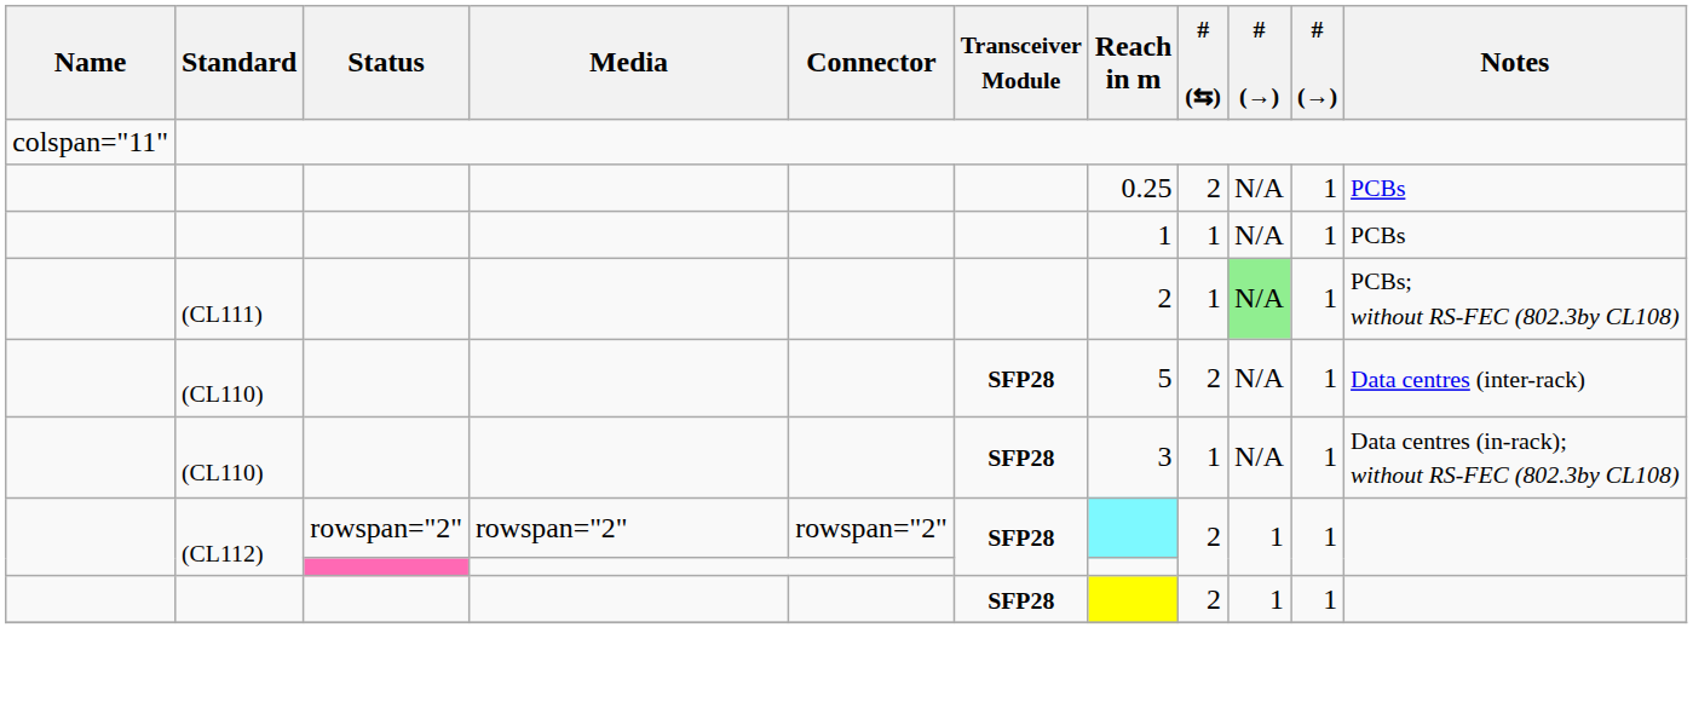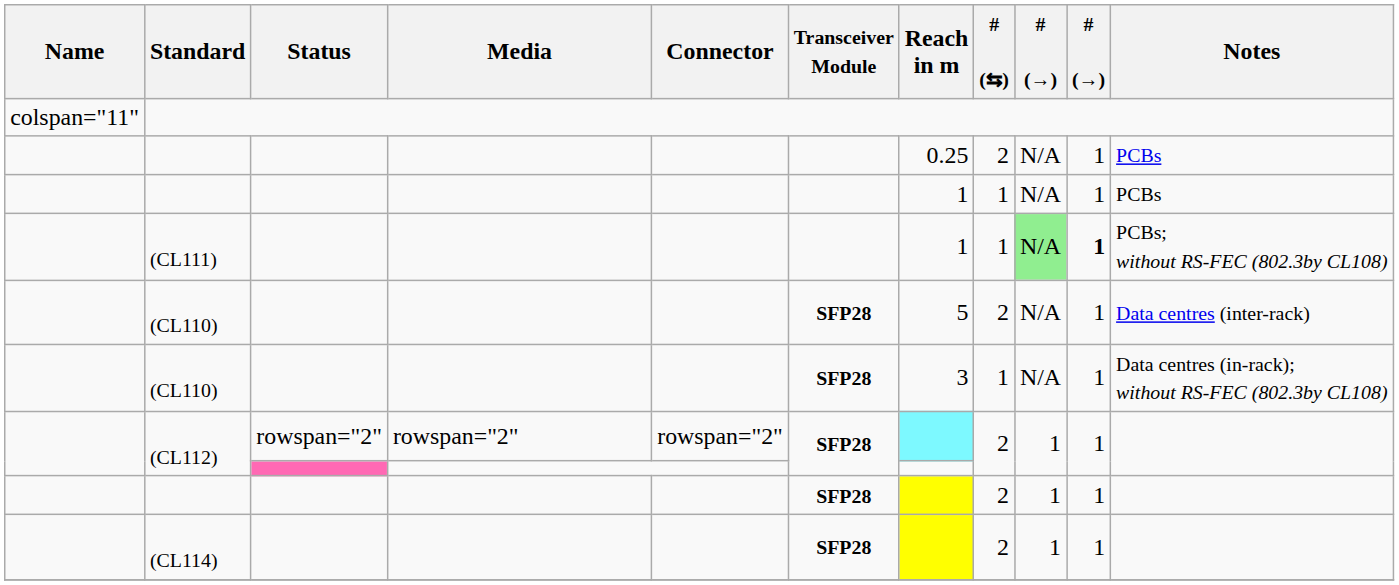 <table class="wikitable" style="line-height:110%;">
 <tr>
 <th>Name</th>
 <th>Standard</th>
 <th>Status</th>
 <th style="width: 170px;">Media</th>
 <th>Connector</th>
 <th><small>Transceiver<br>Module</small></th>
 <th>Reach<br>in m</th>
 <th><small>#<br><br>(⇆)</small></th>
 <th><small>#<br><br>(→)</small></th>
 <th><small>#<br><br>(→)</small></th>
 <th>Notes</th>
 </tr>
 <tr>
 <td>colspan="11"  </td>
 </tr>
 <tr>
 <td></td>
 <td></td>
 <td></td>
 <td></td>
 <td></td>
 <td></td>
 <td style="text-align:right;">0.25</td>
 <td style="text-align:right;">2</td>
 <td style="text-align:right;">N/A</td>
 <td style="text-align:right;">1</td>
 <td><small><a href='#'>PCBs</a></small></td>
 </tr>
 <tr>
 <td></td>
 <td></td>
 <td></td>
 <td></td>
 <td></td>
 <td></td>
 <td style="text-align:right;">1</td>
 <td style="text-align:right;">1</td>
 <td style="text-align:right;">N/A</td>
 <td style="text-align:right;">1</td>
 <td><small>PCBs</small></td>
 </tr>
 <tr>
 <td></td>
 <td><br><small>(CL111)</small></td>
 <td></td>
 <td></td>
 <td></td>
 <td></td>
-<td style="text-align:right;">2</td>
+<td style="text-align:right;">1</td>
 <td style="text-align:right;">1</td>
 <td style="background: lightgreen; text-align:right;">N/A</td>
-<td style="text-align:right;">1</td>
+<td style="text-align:right;"><strong>1</strong></td>
 <td><small>PCBs;<br><em>without RS-FEC (802.3by CL108)</em></small></td>
 </tr>
 <tr>
 <td><br><small></small></td>
 <td><br><small>(CL110)</small></td>
 <td></td>
 <td></td>
 <td></td>
 <td align="center"><small><strong>SFP28</strong></small></td>
 <td style="text-align:right;">5</td>
 <td style="text-align:right;">2</td>
 <td style="text-align:right;">N/A</td>
 <td style="text-align:right;">1</td>
 <td><small><a href='#'>Data centres</a> (inter-rack)</small></td>
 </tr>
 <tr>
 <td><br><small></small></td>
 <td><br><small>(CL110)</small></td>
 <td></td>
 <td></td>
 <td></td>
 <td align="center"><small><strong>SFP28</strong></small></td>
 <td style="text-align:right;">3</td>
 <td style="text-align:right;">1</td>
 <td style="text-align:right;">N/A</td>
 <td style="text-align:right;">1</td>
 <td><small>Data centres (in-rack);<br><em>without RS-FEC (802.3by CL108)</em></small></td>
 </tr>
 <tr>
 <td rowspan="2"></td>
 <td rowspan="2"><br><small>(CL112)</small></td>
 <td>rowspan="2" </td>
 <td>rowspan="2" </td>
 <td>rowspan="2" </td>
 <td rowspan="2" align="center"><small><strong>SFP28</strong></small></td>
 <td style="background-color:#7DF9FF"></td>
 <td rowspan="2" align="right">2</td>
 <td rowspan="2" align="right">1</td>
 <td rowspan="2" align="right">1</td>
 <td rowspan="2"></td>
 </tr>
 <tr>
 <td style="background-color:#FF69B4"></td>
 </tr>
 <tr>
 <td></td>
 <td></td>
 <td></td>
 <td></td>
 <td></td>
 <td align="center"><small><strong>SFP28</strong></small></td>
 <td style="background-color:yellow"></td>
 <td style="text-align:right;">2</td>
 <td style="text-align:right;">1</td>
 <td style="text-align:right;">1</td>
 <td></td>
 </tr>
 <tr>
+<td></td>
+<td><br><small>(CL114)</small></td>
+<td></td>
+<td></td>
+<td></td>
+<td align="center"><small><strong>SFP28</strong></small></td>
+<td style="background-color:yellow"></td>
+<td style="text-align:right;">2</td>
+<td style="text-align:right;">1</td>
+<td style="text-align:right;">1</td>
+<td></td>
+</tr>
+<tr>
 </tr>
 </table>
